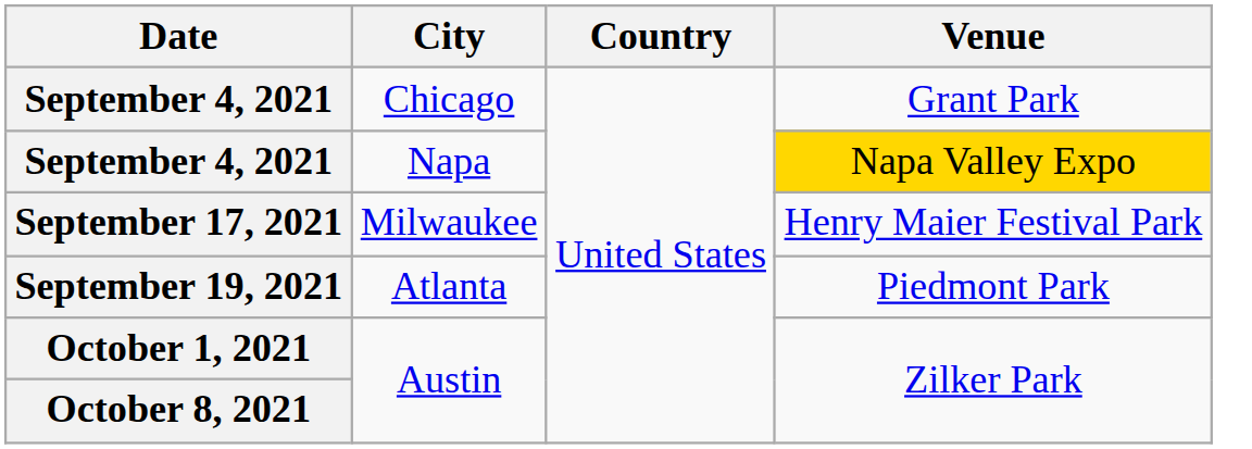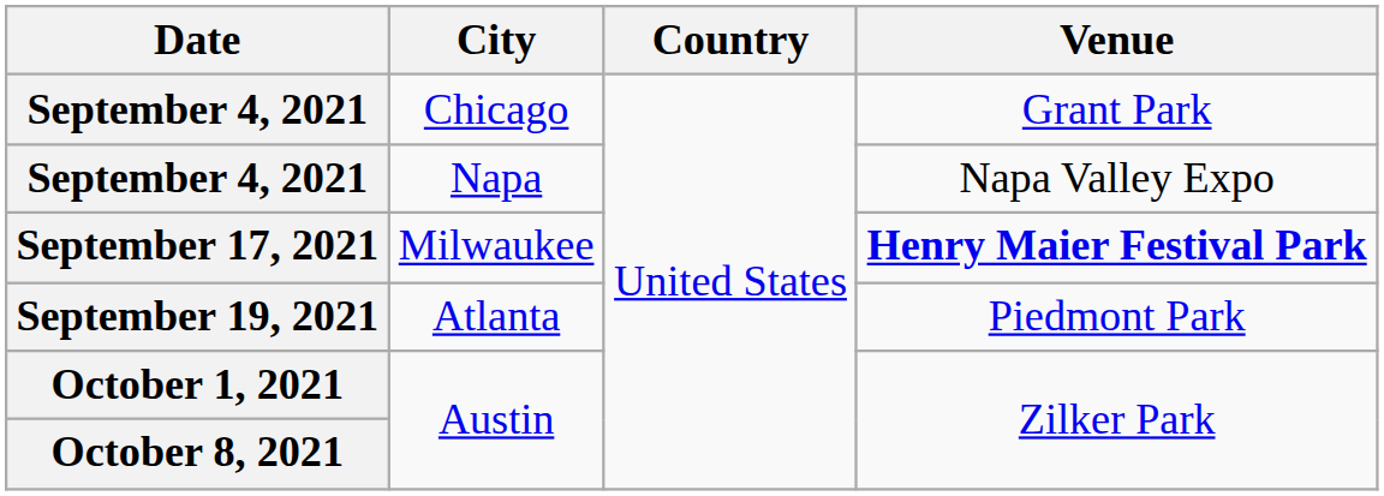 <table class="wikitable plainrowheaders" style="text-align:center">
 <tr>
 <th scope="col">Date</th>
 <th scope="col">City</th>
 <th scope="col">Country</th>
 <th scope="col">Venue</th>
 </tr>
 <tr>
 <th scope="row">September 4, 2021</th>
 <td><a href='#'>Chicago</a></td>
 <td rowspan=6><a href='#'>United States</a></td>
 <td><a href='#'>Grant Park</a></td>
 </tr>
 <tr>
 <th scope="row">September 4, 2021</th>
 <td><a href='#'>Napa</a></td>
-<td style="background: gold;">Napa Valley Expo</td>
+<td>Napa Valley Expo</td>
 </tr>
 <tr>
 <th scope="row">September 17, 2021</th>
 <td><a href='#'>Milwaukee</a></td>
-<td><a href='#'>Henry Maier Festival Park</a></td>
+<td><strong><a href='#'>Henry Maier Festival Park</a></strong></td>
 </tr>
 <tr>
 <th scope="row">September 19, 2021</th>
 <td><a href='#'>Atlanta</a></td>
 <td><a href='#'>Piedmont Park</a></td>
 </tr>
 <tr>
 <th scope="row">October 1, 2021</th>
 <td rowspan=2><a href='#'>Austin</a></td>
 <td rowspan=2><a href='#'>Zilker Park</a></td>
 </tr>
 <tr>
 <th scope="row">October 8, 2021</th>
 </tr>
 </table>
